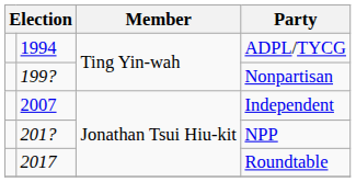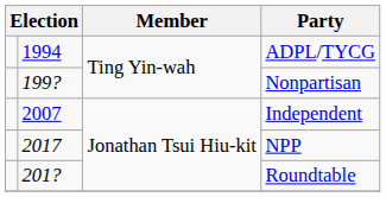 <table class="wikitable">
 <tr>
 <th colspan="2">Election</th>
 <th>Member</th>
 <th>Party</th>
 </tr>
 <tr>
 <td style="color:inherit;background:"></td>
 <td><a href='#'>1994</a></td>
 <td rowspan=2>Ting Yin-wah</td>
 <td><a href='#'>ADPL</a>/<a href='#'>TYCG</a></td>
 </tr>
 <tr>
 <td style="color:inherit;background:"></td>
 <td><em>199?</em></td>
 <td><a href='#'>Nonpartisan</a></td>
 </tr>
 <tr>
 <td style="color:inherit;background:"></td>
 <td><a href='#'>2007</a></td>
 <td rowspan=3>Jonathan Tsui Hiu-kit</td>
 <td><a href='#'>Independent</a></td>
 </tr>
 <tr>
 <td style="color:inherit;background:"></td>
-<td><em>201?</em></td>
+<td><em>2017</em></td>
 <td><a href='#'>NPP</a></td>
 </tr>
 <tr>
 <td style="color:inherit;background:"></td>
-<td><em>2017</em></td>
+<td><em>201?</em></td>
 <td><a href='#'>Roundtable</a></td>
 </tr>
 <tr>
 </tr>
 </table>
